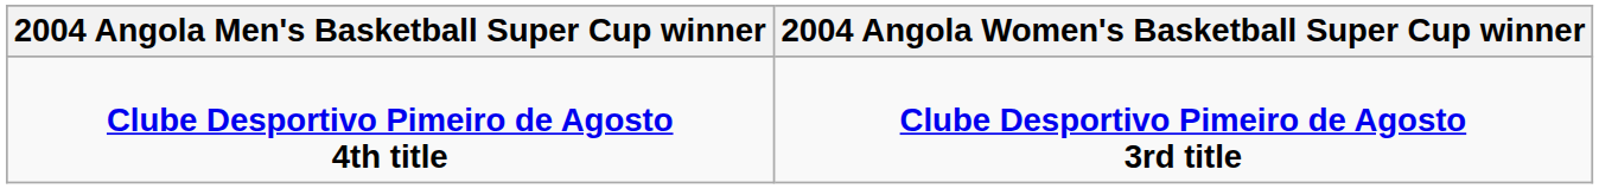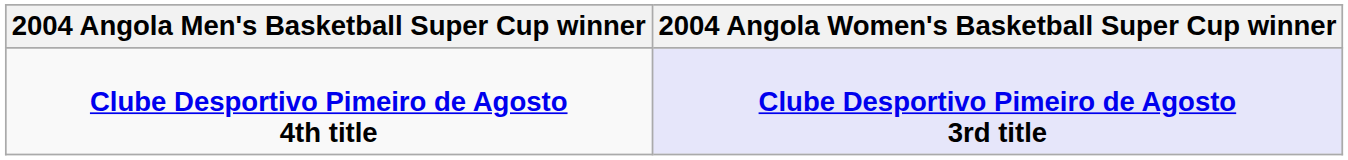 <table class=wikitable style="text-align:center; margin:auto">
 <tr>
 <th>2004 Angola Men's Basketball Super Cup winner</th>
 <th>2004 Angola Women's Basketball Super Cup winner</th>
 </tr>
 <tr>
 <td><br><strong><a href='#'>Clube Desportivo Pimeiro de Agosto</a></strong><br><strong>4th title</strong></td>
-<td><br><strong><a href='#'>Clube Desportivo Pimeiro de Agosto</a></strong><br><strong>3rd title</strong></td>
+<td style="background: lavender;"><br><strong><a href='#'>Clube Desportivo Pimeiro de Agosto</a></strong><br><strong>3rd title</strong></td>
 </tr>
 </table>
